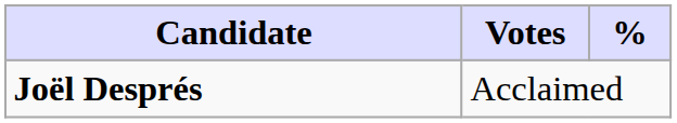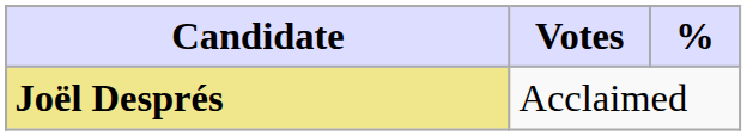 <table class="wikitable">
 <tr>
 <th style="background:#ddf; width:200px;">Candidate</th>
 <th style="background:#ddf; width:50px;">Votes</th>
 <th style="background:#ddf; width:30px;">%</th>
 </tr>
 <tr>
-<td><strong>Joël Després</strong></td>
+<td style="background: khaki;"><strong>Joël Després</strong></td>
 <td colspan="2">Acclaimed</td>
 </tr>
 </table>
